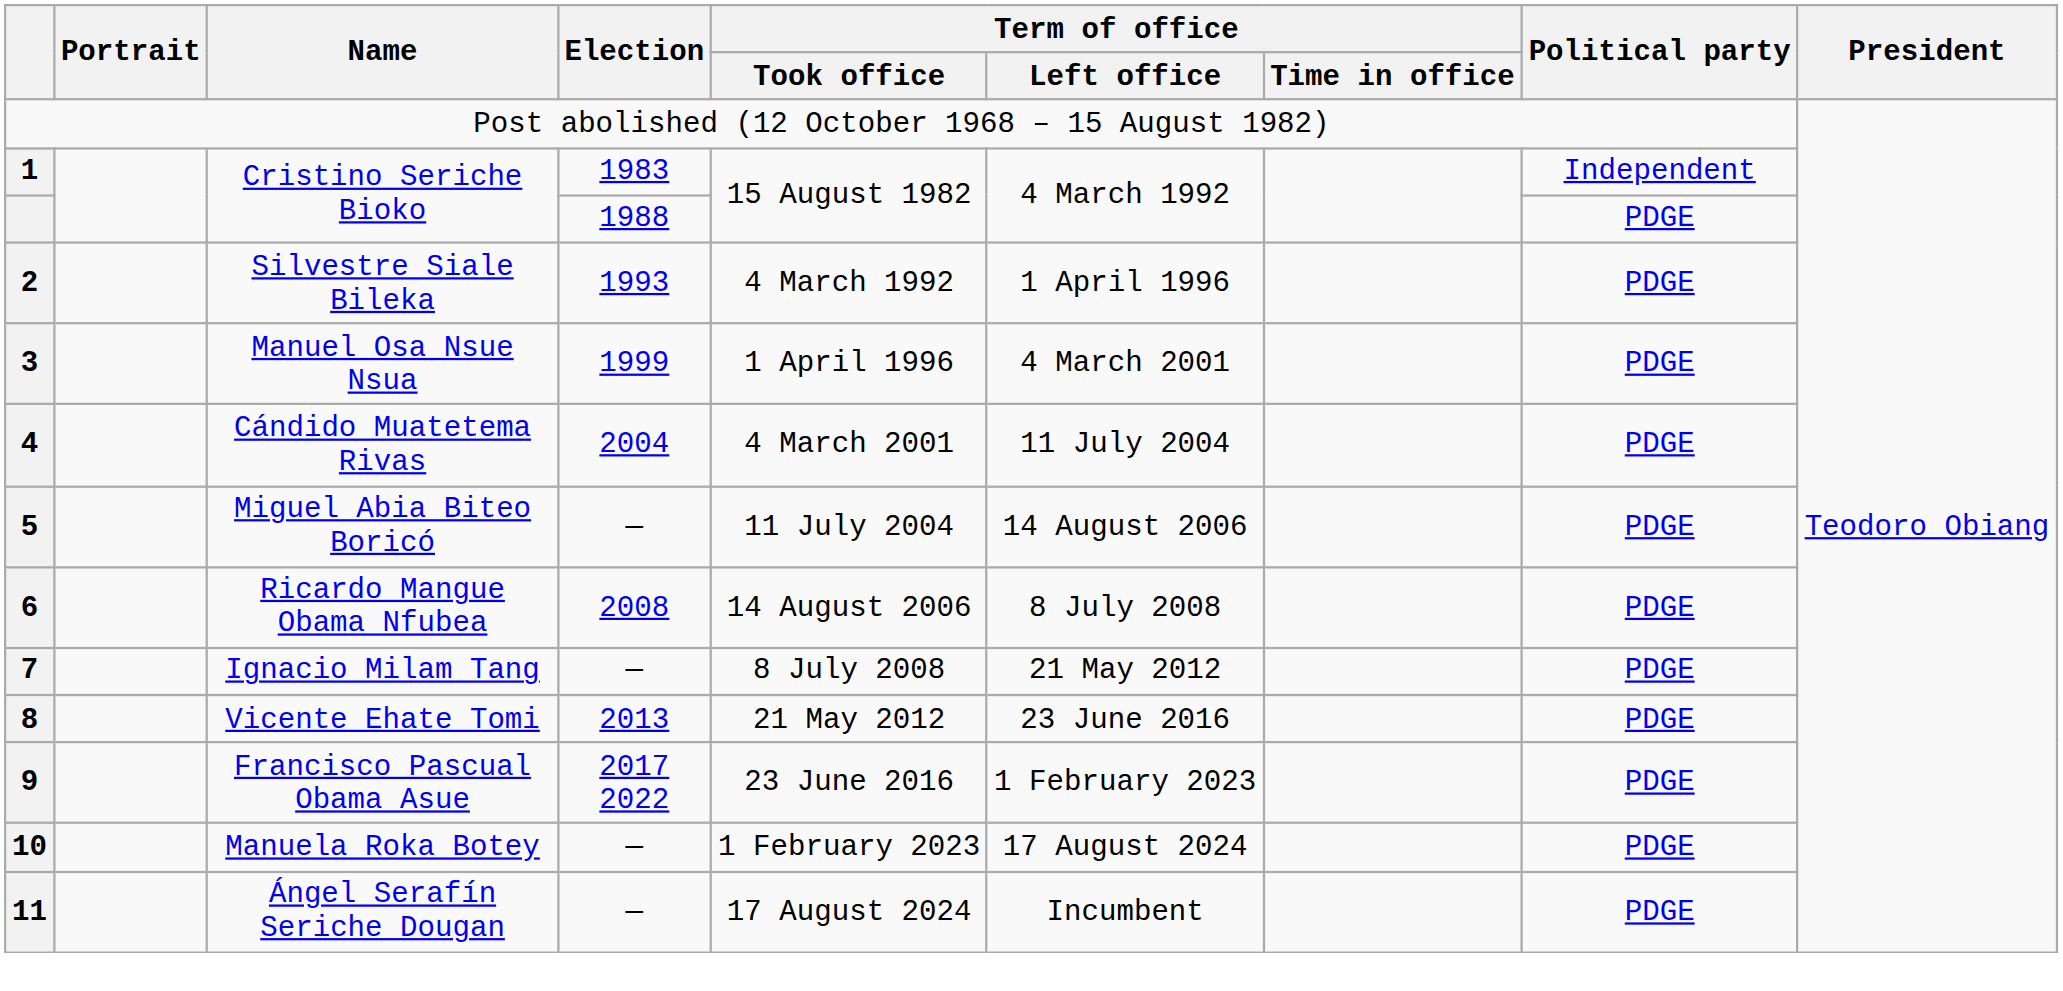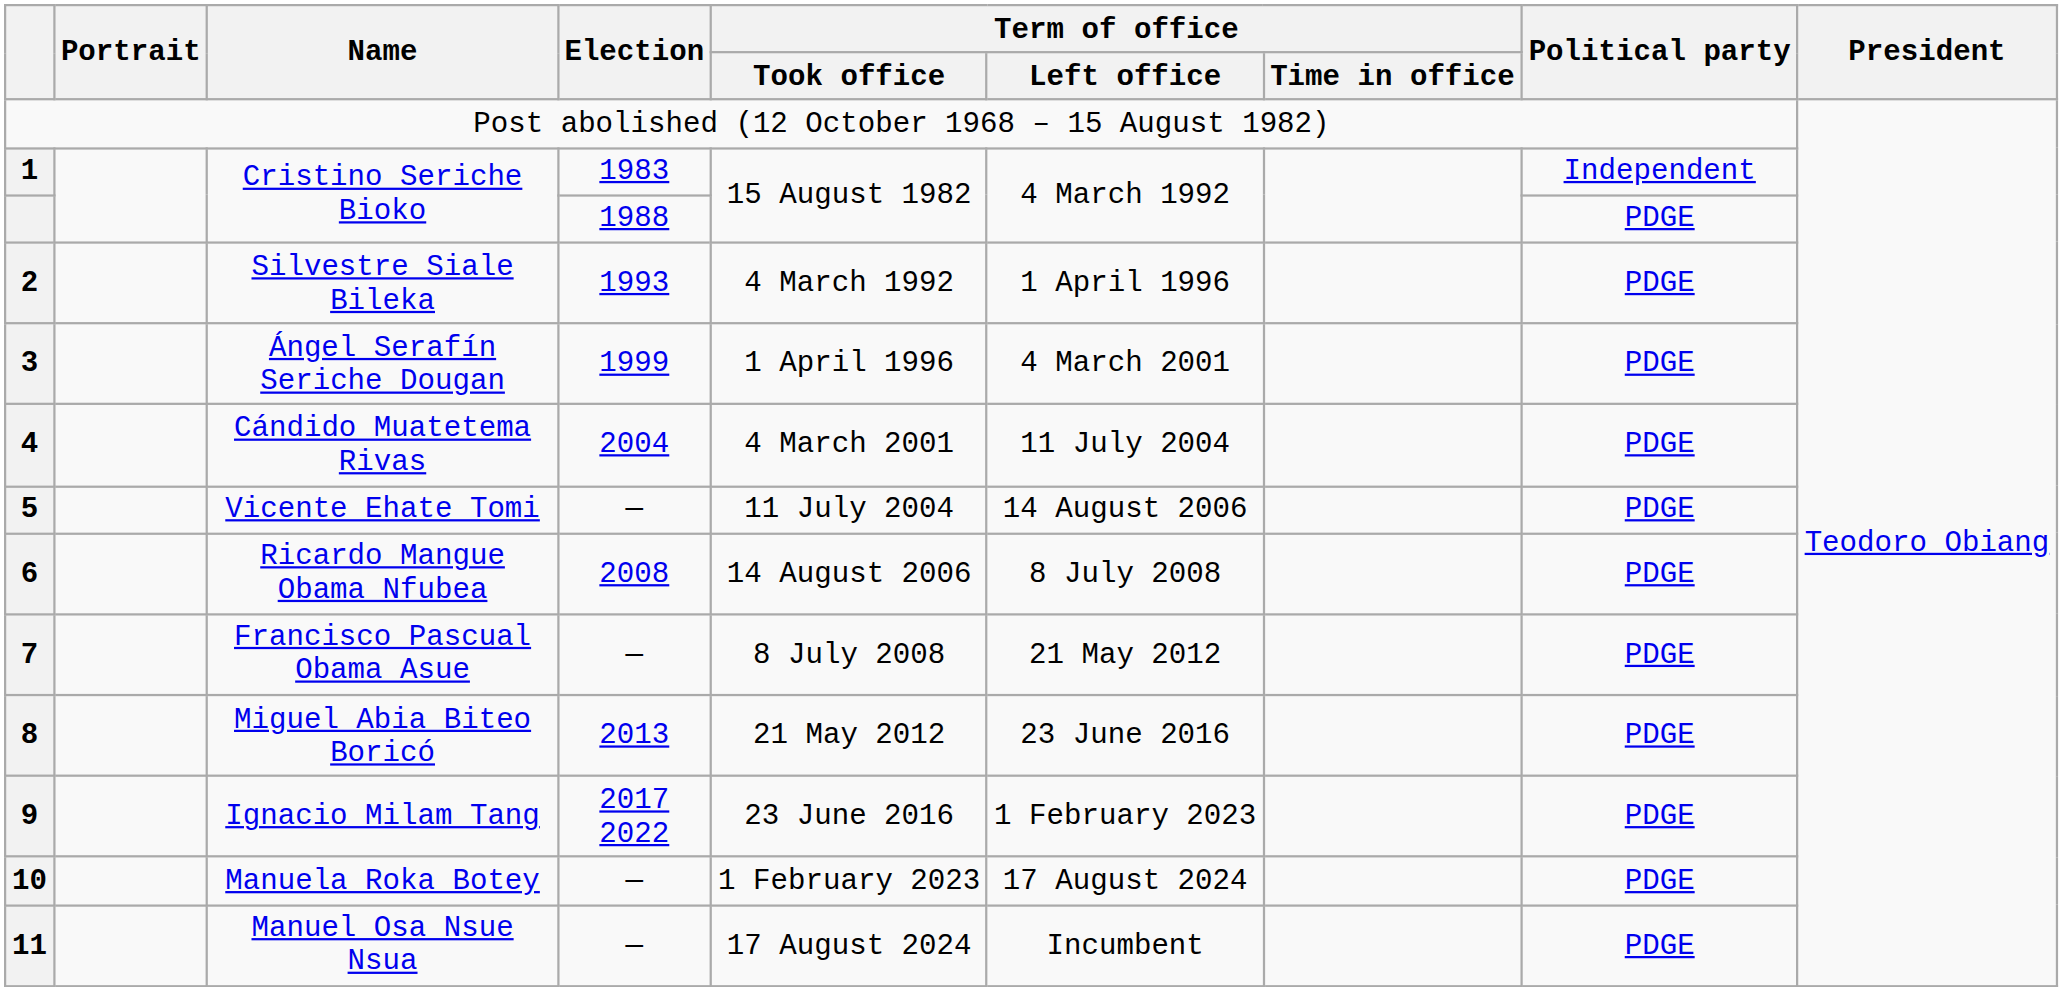 <table class="wikitable" style="text-align:center">
 <tr>
 <th rowspan="2"></th>
 <th rowspan="2">Portrait</th>
 <th rowspan="2" width="150">Name<br></th>
 <th rowspan="2">Election</th>
 <th colspan="3">Term of office</th>
 <th rowspan="2">Political party</th>
 <th rowspan="2">President</th>
 </tr>
 <tr>
 <th>Took office</th>
 <th>Left office</th>
 <th>Time in office</th>
 </tr>
 <tr>
 <td colspan="8">Post abolished (12 October 1968 – 15 August 1982)</td>
 <td rowspan="13"><a href='#'>Teodoro Obiang</a></td>
 </tr>
 <tr>
 <th style="background-color:">1</th>
 <td rowspan=2></td>
 <td rowspan=2><a href='#'>Cristino Seriche Bioko</a><br></td>
 <td><a href='#'>1983</a></td>
 <td rowspan=2>15 August 1982</td>
 <td rowspan=2>4 March 1992</td>
 <td rowspan=2></td>
 <td><a href='#'>Independent</a><br></td>
 </tr>
 <tr>
 <th style="background:"></th>
 <td><a href='#'>1988</a></td>
 <td><a href='#'>PDGE</a></td>
 </tr>
 <tr>
 <th style="background-color:">2</th>
 <td></td>
 <td><a href='#'>Silvestre Siale Bileka</a><br></td>
 <td><a href='#'>1993</a></td>
 <td>4 March 1992</td>
 <td>1 April 1996</td>
 <td></td>
 <td><a href='#'>PDGE</a></td>
 </tr>
 <tr>
 <th style="background-color:">3</th>
 <td></td>
-<td><a href='#'>Manuel Osa Nsue Nsua</a><br></td>
+<td><a href='#'>Ángel Serafín Seriche Dougan</a><br></td>
 <td><a href='#'>1999</a></td>
 <td>1 April 1996</td>
 <td>4 March 2001</td>
 <td></td>
 <td><a href='#'>PDGE</a></td>
 </tr>
 <tr>
 <th style="background-color:">4</th>
 <td></td>
 <td><a href='#'>Cándido Muatetema Rivas</a><br></td>
 <td><a href='#'>2004</a></td>
 <td>4 March 2001</td>
 <td>11 July 2004</td>
 <td></td>
 <td><a href='#'>PDGE</a></td>
 </tr>
 <tr>
 <th style="background-color:">5</th>
 <td></td>
-<td><a href='#'>Miguel Abia Biteo Boricó</a><br></td>
+<td><a href='#'>Vicente Ehate Tomi</a><br></td>
 <td>—</td>
 <td>11 July 2004</td>
 <td>14 August 2006</td>
 <td></td>
 <td><a href='#'>PDGE</a></td>
 </tr>
 <tr>
 <th style="background-color:">6</th>
 <td></td>
 <td><a href='#'>Ricardo Mangue Obama Nfubea</a><br></td>
 <td><a href='#'>2008</a></td>
 <td>14 August 2006</td>
 <td>8 July 2008</td>
 <td></td>
 <td><a href='#'>PDGE</a></td>
 </tr>
 <tr>
 <th style="background-color:">7</th>
 <td></td>
-<td><a href='#'>Ignacio Milam Tang</a><br></td>
+<td><a href='#'>Francisco Pascual Obama Asue</a><br></td>
 <td>—</td>
 <td>8 July 2008</td>
 <td>21 May 2012</td>
 <td></td>
 <td><a href='#'>PDGE</a></td>
 </tr>
 <tr>
 <th style="background-color:">8</th>
 <td></td>
-<td><a href='#'>Vicente Ehate Tomi</a><br></td>
+<td><a href='#'>Miguel Abia Biteo Boricó</a><br></td>
 <td><a href='#'>2013</a></td>
 <td>21 May 2012</td>
 <td>23 June 2016</td>
 <td></td>
 <td><a href='#'>PDGE</a></td>
 </tr>
 <tr>
 <th style="background-color:">9</th>
 <td></td>
-<td><a href='#'>Francisco Pascual Obama Asue</a><br></td>
+<td><a href='#'>Ignacio Milam Tang</a><br></td>
 <td><a href='#'>2017</a><br><a href='#'>2022</a></td>
 <td>23 June 2016</td>
 <td>1 February 2023</td>
 <td></td>
 <td><a href='#'>PDGE</a></td>
 </tr>
 <tr>
 <th style="background-color:">10</th>
 <td></td>
 <td><a href='#'>Manuela Roka Botey</a><br></td>
 <td>—</td>
 <td>1 February 2023</td>
 <td>17 August 2024</td>
 <td></td>
 <td><a href='#'>PDGE</a></td>
 </tr>
 <tr>
 <th style="background-color:">11</th>
 <td></td>
-<td><a href='#'>Ángel Serafín Seriche Dougan</a><br></td>
+<td><a href='#'>Manuel Osa Nsue Nsua</a><br></td>
 <td>—</td>
 <td>17 August 2024</td>
 <td>Incumbent</td>
 <td></td>
 <td><a href='#'>PDGE</a></td>
 </tr>
 </table>
